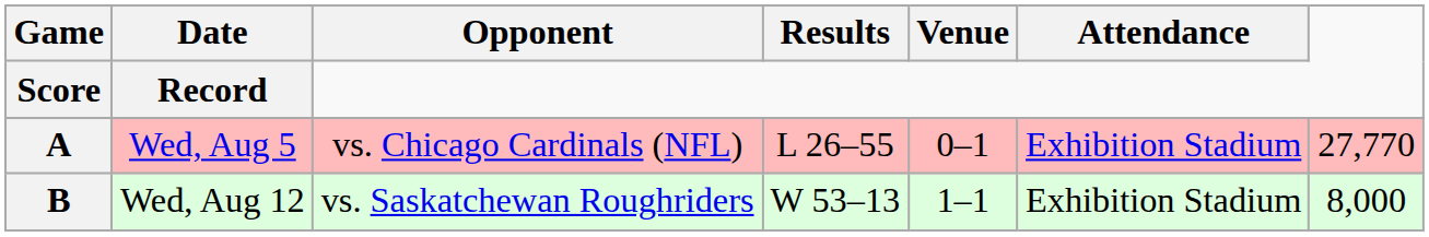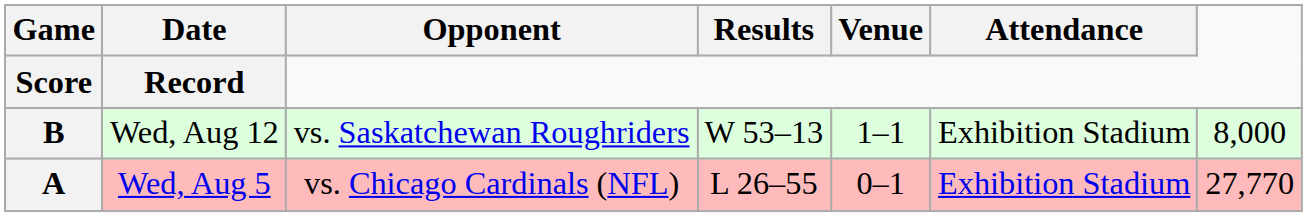 <table class="wikitable" style="text-align:center">
 <tr>
 <th>Game</th>
 <th>Date</th>
 <th>Opponent</th>
 <th>Results</th>
 <th>Venue</th>
 <th>Attendance</th>
 </tr>
 <tr>
 <th>Score</th>
 <th>Record</th>
 </tr>
+<tr style="background:#ddffdd">
+<th>B</th>
+<td>Wed, Aug 12</td>
+<td>vs. <a href='#'>Saskatchewan Roughriders</a></td>
+<td>W 53–13</td>
+<td>1–1</td>
+<td>Exhibition Stadium</td>
+<td>8,000</td>
+</tr>
 <tr style="background:#ffbbbb">
 <th>A</th>
 <td><a href='#'>Wed, Aug 5</a></td>
 <td>vs. <a href='#'>Chicago Cardinals</a> (<a href='#'>NFL</a>)</td>
 <td>L 26–55</td>
 <td>0–1</td>
 <td><a href='#'>Exhibition Stadium</a></td>
 <td>27,770</td>
 </tr>
-<tr style="background:#ddffdd">
-<th>B</th>
-<td>Wed, Aug 12</td>
-<td>vs. <a href='#'>Saskatchewan Roughriders</a></td>
-<td>W 53–13</td>
-<td>1–1</td>
-<td>Exhibition Stadium</td>
-<td>8,000</td>
-</tr>
 </table>
